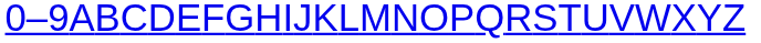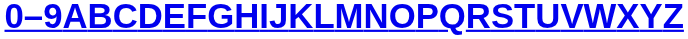 <table id="toc" class="toc" summary="class">
 <tr>
 <th></th>
 </tr>
 <tr>
-<td style="text-align:center;"><a href='#'>0–9</a><a href='#'>A</a><a href='#'>B</a><a href='#'>C</a><a href='#'>D</a><a href='#'>E</a><a href='#'>F</a><a href='#'>G</a><a href='#'>H</a><a href='#'>I</a><a href='#'>J</a><a href='#'>K</a><a href='#'>L</a><a href='#'>M</a><a href='#'>N</a><a href='#'>O</a><a href='#'>P</a><a href='#'>Q</a><a href='#'>R</a><a href='#'>S</a><a href='#'>T</a><a href='#'>U</a><a href='#'>V</a><a href='#'>W</a><a href='#'>X</a><a href='#'>Y</a><a href='#'>Z</a></td>
+<td style="text-align:center;"><strong><a href='#'>0–9</a><a href='#'>A</a><a href='#'>B</a><a href='#'>C</a><a href='#'>D</a><a href='#'>E</a><a href='#'>F</a><a href='#'>G</a><a href='#'>H</a><a href='#'>I</a><a href='#'>J</a><a href='#'>K</a><a href='#'>L</a><a href='#'>M</a><a href='#'>N</a><a href='#'>O</a><a href='#'>P</a><a href='#'>Q</a><a href='#'>R</a><a href='#'>S</a><a href='#'>T</a><a href='#'>U</a><a href='#'>V</a><a href='#'>W</a><a href='#'>X</a><a href='#'>Y</a><a href='#'>Z</a></strong></td>
 </tr>
 </table>
